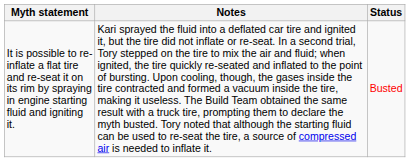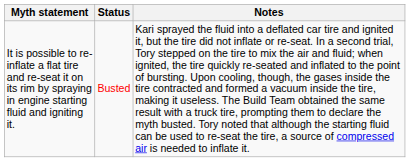 <table class="wikitable plainrowheaders">
 <tr>
 <th>Myth statement</th>
+<th>Status</th>
 <th>Notes</th>
-<th>Status</th>
 </tr>
 <tr>
 <td>It is possible to re-inflate a flat tire and re-seat it on its rim by spraying in engine starting fluid and igniting it.</td>
+<td style="color:red">Busted</td>
 <td>Kari sprayed the fluid into a deflated car tire and ignited it, but the tire did not inflate or re-seat. In a second trial, Tory stepped on the tire to mix the air and fluid; when ignited, the tire quickly re-seated and inflated to the point of bursting. Upon cooling, though, the gases inside the tire contracted and formed a vacuum inside the tire, making it useless. The Build Team obtained the same result with a truck tire, prompting them to declare the myth busted. Tory noted that although the starting fluid can be used to re-seat the tire, a source of <a href='#'>compressed air</a> is needed to inflate it.</td>
-<td style="color:red">Busted</td>
 </tr>
 </table>
